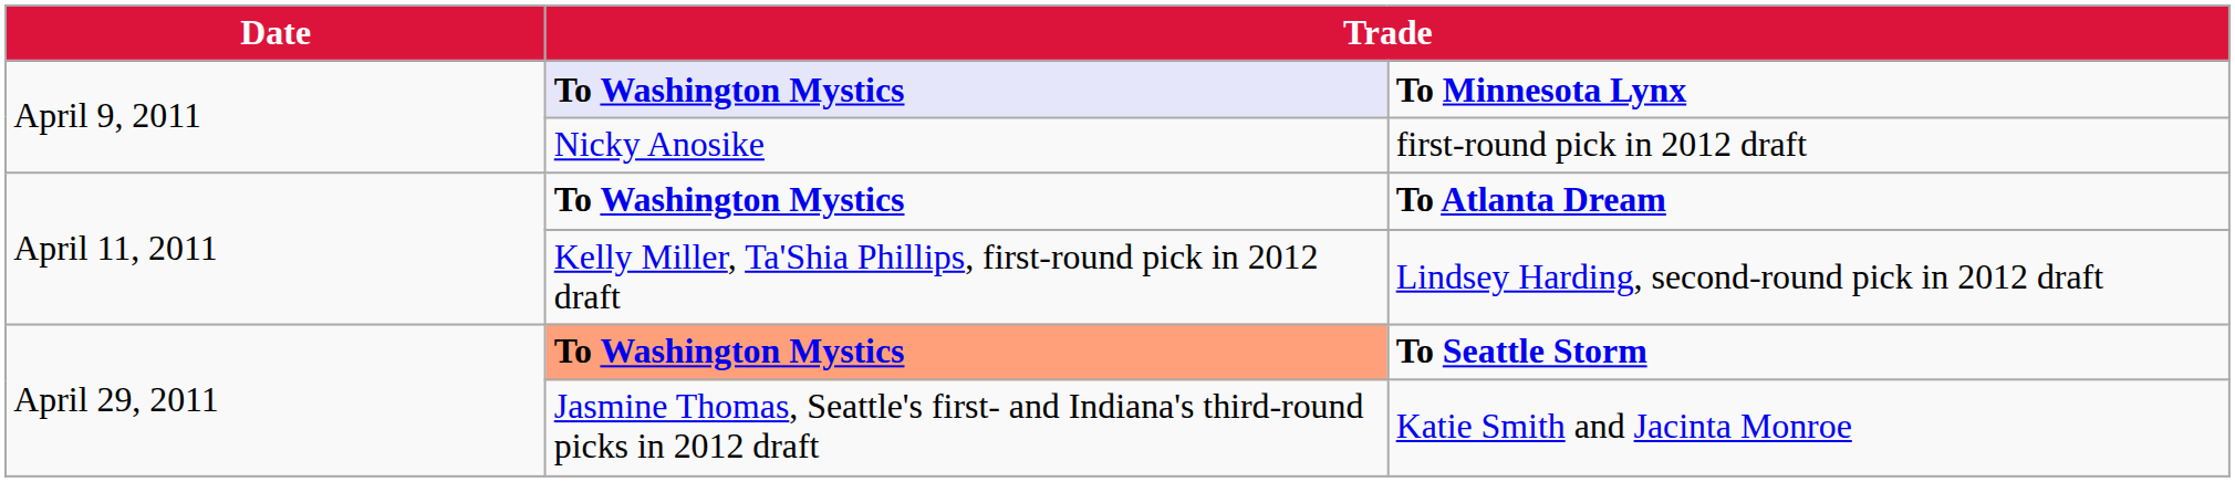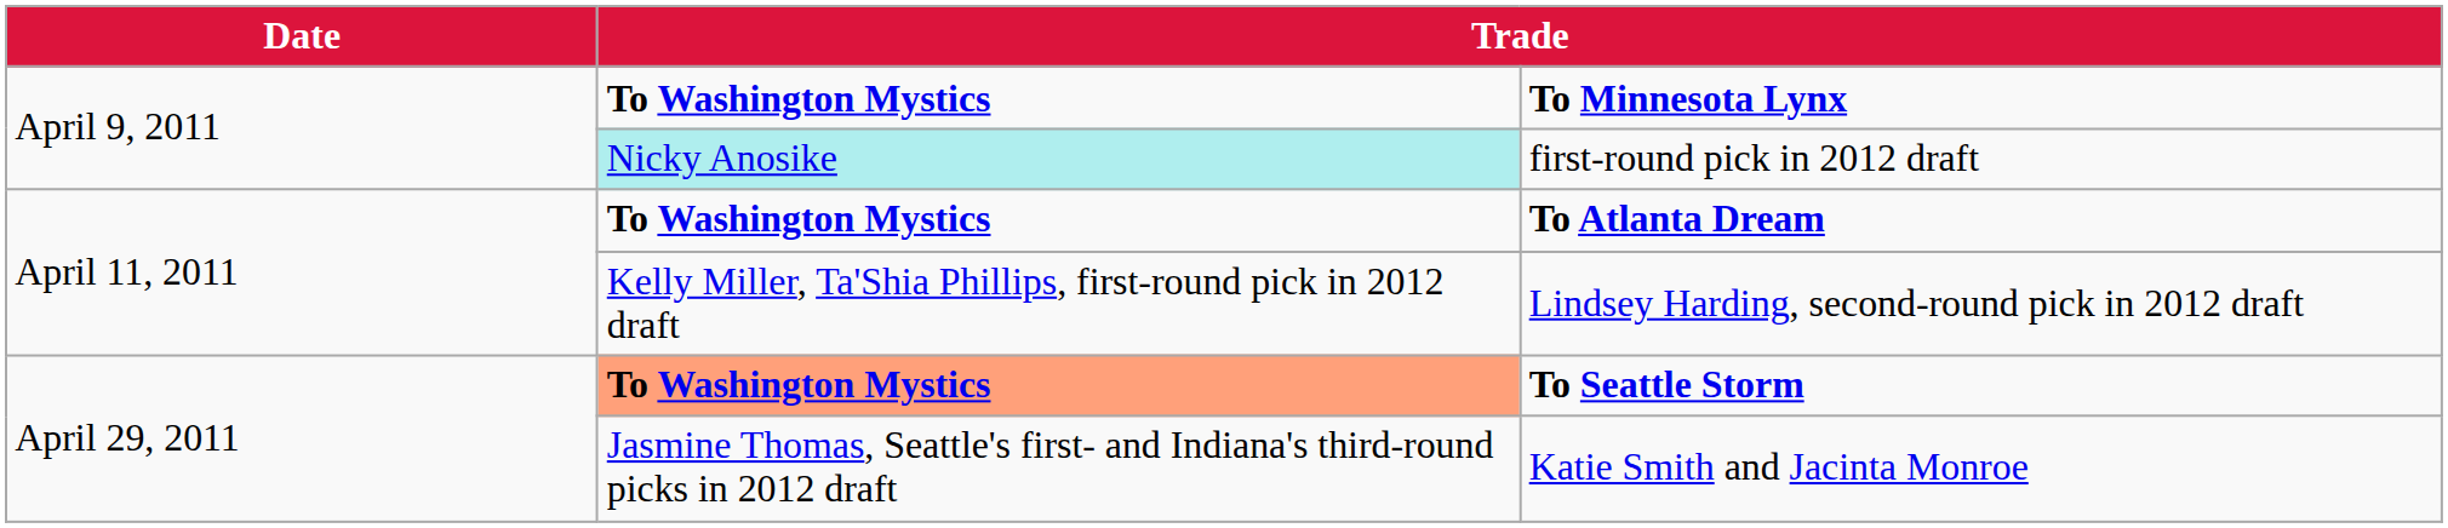 <table class="wikitable" style="width:80%">
 <tr>
 <th style="background:#DC143C;color:white; width=125">Date</th>
 <th style="background:#DC143C;color:white;" colspan=2>Trade</th>
 </tr>
 <tr>
 <td rowspan=2>April 9, 2011</td>
-<td width=375 style="background: lavender;"><strong>To <a href='#'>Washington Mystics</a></strong></td>
+<td width=375><strong>To <a href='#'>Washington Mystics</a></strong></td>
 <td width=375><strong>To <a href='#'>Minnesota Lynx</a></strong></td>
 </tr>
 <tr>
-<td><a href='#'>Nicky Anosike</a></td>
+<td style="background: paleturquoise;"><a href='#'>Nicky Anosike</a></td>
 <td>first-round pick in 2012 draft</td>
 </tr>
 <tr>
 <td rowspan=2>April 11, 2011</td>
 <td width=375><strong>To <a href='#'>Washington Mystics</a></strong></td>
 <td width=375><strong>To <a href='#'>Atlanta Dream</a></strong></td>
 </tr>
 <tr>
 <td><a href='#'>Kelly Miller</a>, <a href='#'>Ta'Shia Phillips</a>, first-round pick in 2012 draft</td>
 <td><a href='#'>Lindsey Harding</a>, second-round pick in 2012 draft</td>
 </tr>
 <tr>
 <td rowspan=2>April 29, 2011</td>
 <td width=375 style="background: lightsalmon;"><strong>To <a href='#'>Washington Mystics</a></strong></td>
 <td width=375><strong>To <a href='#'>Seattle Storm</a></strong></td>
 </tr>
 <tr>
 <td><a href='#'>Jasmine Thomas</a>, Seattle's first- and Indiana's third-round picks in 2012 draft</td>
 <td><a href='#'>Katie Smith</a> and <a href='#'>Jacinta Monroe</a></td>
 </tr>
 </table>
